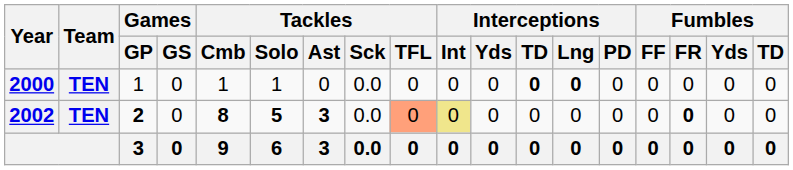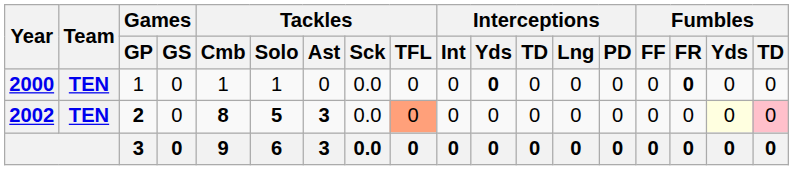 <table class="wikitable" style="text-align:center">
 <tr>
 <th rowspan="2">Year</th>
 <th rowspan="2">Team</th>
 <th colspan="2">Games</th>
 <th colspan="5">Tackles</th>
 <th colspan="5">Interceptions</th>
 <th colspan="4">Fumbles</th>
 </tr>
 <tr>
 <th>GP</th>
 <th>GS</th>
 <th>Cmb</th>
 <th>Solo</th>
 <th>Ast</th>
 <th>Sck</th>
 <th>TFL</th>
 <th>Int</th>
 <th>Yds</th>
 <th>TD</th>
 <th>Lng</th>
 <th>PD</th>
 <th>FF</th>
 <th>FR</th>
 <th>Yds</th>
 <th>TD</th>
 </tr>
 <tr>
 <th><a href='#'>2000</a></th>
 <th><a href='#'>TEN</a></th>
 <td>1</td>
 <td>0</td>
 <td>1</td>
 <td>1</td>
 <td>0</td>
 <td>0.0</td>
 <td>0</td>
 <td>0</td>
-<td>0</td>
-<td><strong>0</strong></td>
 <td><strong>0</strong></td>
 <td>0</td>
 <td>0</td>
 <td>0</td>
+<td>0</td>
+<td><strong>0</strong></td>
 <td>0</td>
 <td>0</td>
 </tr>
 <tr>
 <th><a href='#'>2002</a></th>
 <th><a href='#'>TEN</a></th>
 <td><strong>2</strong></td>
 <td>0</td>
 <td><strong>8</strong></td>
 <td><strong>5</strong></td>
 <td><strong>3</strong></td>
 <td>0.0</td>
 <td style="background: lightsalmon;">0</td>
-<td style="background: khaki;">0</td>
 <td>0</td>
 <td>0</td>
 <td>0</td>
 <td>0</td>
 <td>0</td>
-<td><strong>0</strong></td>
 <td>0</td>
 <td>0</td>
+<td style="background: lightyellow;">0</td>
+<td style="background: pink;">0</td>
 </tr>
 <tr>
 <th colspan="2"></th>
 <th>3</th>
 <th>0</th>
 <th>9</th>
 <th>6</th>
 <th>3</th>
 <th>0.0</th>
 <th>0</th>
 <th>0</th>
 <th>0</th>
 <th>0</th>
 <th>0</th>
 <th>0</th>
 <th>0</th>
 <th>0</th>
 <th>0</th>
 <th>0</th>
 </tr>
 </table>
